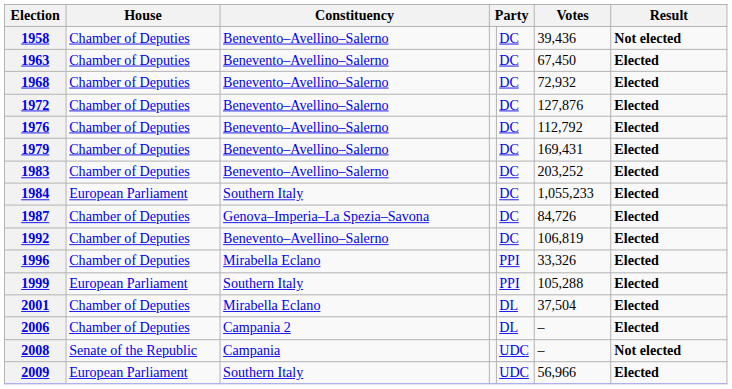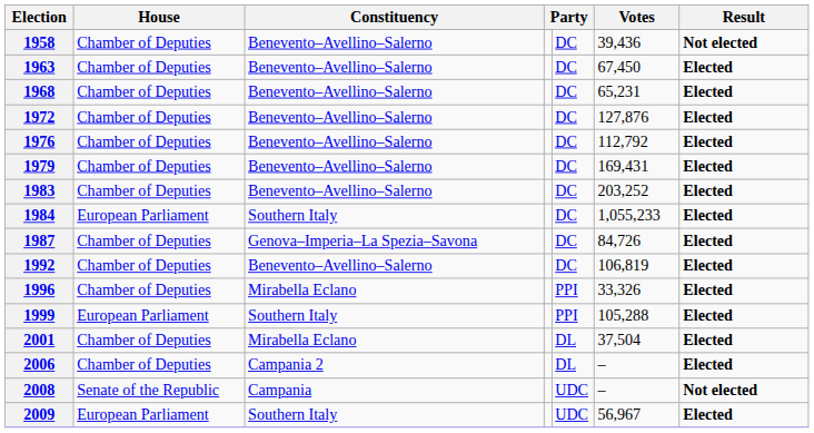 <table class=wikitable style="width:65%; border:1px #AAAAFF solid">
 <tr>
 <th width=8%>Election</th>
 <th width=20%>House</th>
 <th width=35%>Constituency</th>
 <th width=5% colspan="2">Party</th>
 <th width=10%>Votes</th>
 <th width=15%>Result</th>
 </tr>
 <tr>
 <th><a href='#'>1958</a></th>
 <td><a href='#'>Chamber of Deputies</a></td>
 <td><a href='#'>Benevento–Avellino–Salerno</a></td>
 <td></td>
 <td><a href='#'>DC</a></td>
 <td>39,436</td>
 <td> <strong>Not elected</strong></td>
 </tr>
 <tr>
 <th><a href='#'>1963</a></th>
 <td><a href='#'>Chamber of Deputies</a></td>
 <td><a href='#'>Benevento–Avellino–Salerno</a></td>
 <td></td>
 <td><a href='#'>DC</a></td>
 <td>67,450</td>
 <td> <strong>Elected</strong></td>
 </tr>
 <tr>
 <th><a href='#'>1968</a></th>
 <td><a href='#'>Chamber of Deputies</a></td>
 <td><a href='#'>Benevento–Avellino–Salerno</a></td>
 <td></td>
 <td><a href='#'>DC</a></td>
-<td>72,932</td>
+<td>65,231</td>
 <td> <strong>Elected</strong></td>
 </tr>
 <tr>
 <th><a href='#'>1972</a></th>
 <td><a href='#'>Chamber of Deputies</a></td>
 <td><a href='#'>Benevento–Avellino–Salerno</a></td>
 <td></td>
 <td><a href='#'>DC</a></td>
 <td>127,876</td>
 <td> <strong>Elected</strong></td>
 </tr>
 <tr>
 <th><a href='#'>1976</a></th>
 <td><a href='#'>Chamber of Deputies</a></td>
 <td><a href='#'>Benevento–Avellino–Salerno</a></td>
 <td></td>
 <td><a href='#'>DC</a></td>
 <td>112,792</td>
 <td> <strong>Elected</strong></td>
 </tr>
 <tr>
 <th><a href='#'>1979</a></th>
 <td><a href='#'>Chamber of Deputies</a></td>
 <td><a href='#'>Benevento–Avellino–Salerno</a></td>
 <td></td>
 <td><a href='#'>DC</a></td>
 <td>169,431</td>
 <td> <strong>Elected</strong></td>
 </tr>
 <tr>
 <th><a href='#'>1983</a></th>
 <td><a href='#'>Chamber of Deputies</a></td>
 <td><a href='#'>Benevento–Avellino–Salerno</a></td>
 <td></td>
 <td><a href='#'>DC</a></td>
 <td>203,252</td>
 <td> <strong>Elected</strong></td>
 </tr>
 <tr>
 <th><a href='#'>1984</a></th>
 <td><a href='#'>European Parliament</a></td>
 <td><a href='#'>Southern Italy</a></td>
 <td></td>
 <td><a href='#'>DC</a></td>
 <td>1,055,233</td>
 <td> <strong>Elected</strong></td>
 </tr>
 <tr>
 <th><a href='#'>1987</a></th>
 <td><a href='#'>Chamber of Deputies</a></td>
 <td><a href='#'>Genova–Imperia–La Spezia–Savona</a></td>
 <td></td>
 <td><a href='#'>DC</a></td>
 <td>84,726</td>
 <td> <strong>Elected</strong></td>
 </tr>
 <tr>
 <th><a href='#'>1992</a></th>
 <td><a href='#'>Chamber of Deputies</a></td>
 <td><a href='#'>Benevento–Avellino–Salerno</a></td>
 <td></td>
 <td><a href='#'>DC</a></td>
 <td>106,819</td>
 <td> <strong>Elected</strong></td>
 </tr>
 <tr>
 <th><a href='#'>1996</a></th>
 <td><a href='#'>Chamber of Deputies</a></td>
 <td><a href='#'>Mirabella Eclano</a></td>
 <td></td>
 <td><a href='#'>PPI</a></td>
 <td>33,326</td>
 <td> <strong>Elected</strong></td>
 </tr>
 <tr>
 <th><a href='#'>1999</a></th>
 <td><a href='#'>European Parliament</a></td>
 <td><a href='#'>Southern Italy</a></td>
 <td></td>
 <td><a href='#'>PPI</a></td>
 <td>105,288</td>
 <td> <strong>Elected</strong></td>
 </tr>
 <tr>
 <th><a href='#'>2001</a></th>
 <td><a href='#'>Chamber of Deputies</a></td>
 <td><a href='#'>Mirabella Eclano</a></td>
 <td></td>
 <td><a href='#'>DL</a></td>
 <td>37,504</td>
 <td> <strong>Elected</strong></td>
 </tr>
 <tr>
 <th><a href='#'>2006</a></th>
 <td><a href='#'>Chamber of Deputies</a></td>
 <td><a href='#'>Campania 2</a></td>
 <td></td>
 <td><a href='#'>DL</a></td>
 <td>–</td>
 <td> <strong>Elected</strong></td>
 </tr>
 <tr>
 <th><a href='#'>2008</a></th>
 <td><a href='#'>Senate of the Republic</a></td>
 <td><a href='#'>Campania</a></td>
 <td></td>
 <td><a href='#'>UDC</a></td>
 <td>–</td>
 <td> <strong>Not elected</strong></td>
 </tr>
 <tr>
 <th><a href='#'>2009</a></th>
 <td><a href='#'>European Parliament</a></td>
 <td><a href='#'>Southern Italy</a></td>
 <td></td>
 <td><a href='#'>UDC</a></td>
-<td>56,966</td>
+<td>56,967</td>
 <td> <strong>Elected</strong></td>
 </tr>
 <tr>
 </tr>
 </table>
